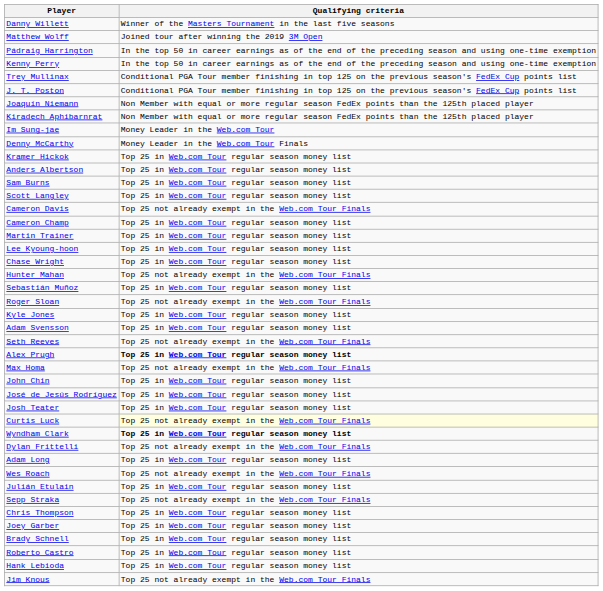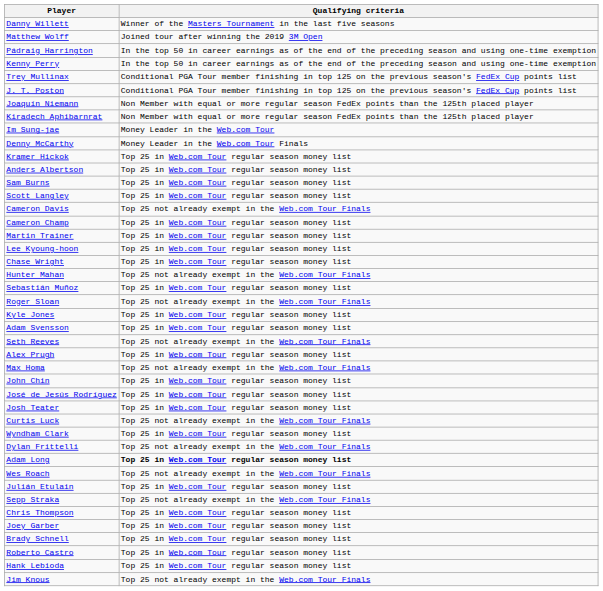 <table class="wikitable sortable" style="font-size: 80%">
 <tr>
 <th>Player</th>
 <th>Qualifying criteria</th>
 </tr>
 <tr>
 <td> <a href='#'>Danny Willett</a></td>
 <td>Winner of the <a href='#'>Masters Tournament</a> in the last five seasons</td>
 </tr>
 <tr>
 <td> <a href='#'>Matthew Wolff</a></td>
 <td>Joined tour after winning the 2019 <a href='#'>3M Open</a></td>
 </tr>
 <tr>
 <td> <a href='#'>Pádraig Harrington</a></td>
 <td>In the top 50 in career earnings as of the end of the preceding season and using one-time exemption</td>
 </tr>
 <tr>
 <td> <a href='#'>Kenny Perry</a></td>
 <td>In the top 50 in career earnings as of the end of the preceding season and using one-time exemption</td>
 </tr>
 <tr>
 <td> <a href='#'>Trey Mullinax</a></td>
 <td>Conditional PGA Tour member finishing in top 125 on the previous season's <a href='#'>FedEx Cup</a> points list</td>
 </tr>
 <tr>
 <td> <a href='#'>J. T. Poston</a></td>
 <td>Conditional PGA Tour member finishing in top 125 on the previous season's <a href='#'>FedEx Cup</a> points list</td>
 </tr>
 <tr>
 <td> <a href='#'>Joaquín Niemann</a></td>
 <td>Non Member with equal or more  regular season FedEx points than the 125th placed player</td>
 </tr>
 <tr>
 <td> <a href='#'>Kiradech Aphibarnrat</a></td>
 <td>Non Member with equal or more  regular season FedEx points than the 125th placed player</td>
 </tr>
 <tr>
 <td> <a href='#'>Im Sung-jae</a></td>
 <td>Money Leader in the <a href='#'>Web.com Tour</a></td>
 </tr>
 <tr>
 <td> <a href='#'>Denny McCarthy</a></td>
 <td>Money Leader in the <a href='#'>Web.com Tour</a> Finals</td>
 </tr>
 <tr>
 <td> <a href='#'>Kramer Hickok</a></td>
 <td>Top 25 in <a href='#'>Web.com Tour</a> regular season money list</td>
 </tr>
 <tr>
 <td> <a href='#'>Anders Albertson</a></td>
 <td>Top 25 in <a href='#'>Web.com Tour</a> regular season money list</td>
 </tr>
 <tr>
 <td> <a href='#'>Sam Burns</a></td>
 <td>Top 25 in <a href='#'>Web.com Tour</a> regular season money list</td>
 </tr>
 <tr>
 <td> <a href='#'>Scott Langley</a></td>
 <td>Top 25 in <a href='#'>Web.com Tour</a> regular season money list</td>
 </tr>
 <tr>
 <td> <a href='#'>Cameron Davis</a></td>
 <td>Top 25 not already exempt in the <a href='#'>Web.com Tour Finals</a></td>
 </tr>
 <tr>
 <td> <a href='#'>Cameron Champ</a></td>
 <td>Top 25 in <a href='#'>Web.com Tour</a> regular season money list</td>
 </tr>
 <tr>
 <td> <a href='#'>Martin Trainer</a></td>
 <td>Top 25 in <a href='#'>Web.com Tour</a> regular season money list</td>
 </tr>
 <tr>
 <td> <a href='#'>Lee Kyoung-hoon</a></td>
 <td>Top 25 in <a href='#'>Web.com Tour</a> regular season money list</td>
 </tr>
 <tr>
 <td> <a href='#'>Chase Wright</a></td>
 <td>Top 25 in <a href='#'>Web.com Tour</a> regular season money list</td>
 </tr>
 <tr>
 <td> <a href='#'>Hunter Mahan</a></td>
 <td>Top 25 not already exempt in the <a href='#'>Web.com Tour Finals</a></td>
 </tr>
 <tr>
 <td> <a href='#'>Sebastián Muñoz</a></td>
 <td>Top 25 in <a href='#'>Web.com Tour</a> regular season money list</td>
 </tr>
 <tr>
 <td> <a href='#'>Roger Sloan</a></td>
 <td>Top 25 not already exempt in the <a href='#'>Web.com Tour Finals</a></td>
 </tr>
 <tr>
 <td> <a href='#'>Kyle Jones</a></td>
 <td>Top 25 in <a href='#'>Web.com Tour</a> regular season money list</td>
 </tr>
 <tr>
 <td> <a href='#'>Adam Svensson</a></td>
 <td>Top 25 in <a href='#'>Web.com Tour</a> regular season money list</td>
 </tr>
 <tr>
 <td> <a href='#'>Seth Reeves</a></td>
 <td>Top 25 not already exempt in the <a href='#'>Web.com Tour Finals</a></td>
 </tr>
 <tr>
 <td> <a href='#'>Alex Prugh</a></td>
-<td><strong>Top 25 in <a href='#'>Web.com Tour</a> regular season money list</strong></td>
+<td>Top 25 in <a href='#'>Web.com Tour</a> regular season money list</td>
 </tr>
 <tr>
 <td> <a href='#'>Max Homa</a></td>
 <td>Top 25 not already exempt in the <a href='#'>Web.com Tour Finals</a></td>
 </tr>
 <tr>
 <td> <a href='#'>John Chin</a></td>
 <td>Top 25 in <a href='#'>Web.com Tour</a> regular season money list</td>
 </tr>
 <tr>
 <td> <a href='#'>José de Jesús Rodríguez</a></td>
 <td>Top 25 in <a href='#'>Web.com Tour</a> regular season money list</td>
 </tr>
 <tr>
 <td> <a href='#'>Josh Teater</a></td>
 <td>Top 25 in <a href='#'>Web.com Tour</a> regular season money list</td>
 </tr>
 <tr>
 <td> <a href='#'>Curtis Luck</a></td>
-<td style="background: lightyellow;">Top 25 not already exempt in the <a href='#'>Web.com Tour Finals</a></td>
+<td>Top 25 not already exempt in the <a href='#'>Web.com Tour Finals</a></td>
 </tr>
 <tr>
 <td> <a href='#'>Wyndham Clark</a></td>
-<td><strong>Top 25 in <a href='#'>Web.com Tour</a> regular season money list</strong></td>
+<td>Top 25 in <a href='#'>Web.com Tour</a> regular season money list</td>
 </tr>
 <tr>
 <td> <a href='#'>Dylan Frittelli</a></td>
 <td>Top 25 not already exempt in the <a href='#'>Web.com Tour Finals</a></td>
 </tr>
 <tr>
 <td> <a href='#'>Adam Long</a></td>
-<td>Top 25 in <a href='#'>Web.com Tour</a> regular season money list</td>
+<td><strong>Top 25 in <a href='#'>Web.com Tour</a> regular season money list</strong></td>
 </tr>
 <tr>
 <td> <a href='#'>Wes Roach</a></td>
 <td>Top 25 not already exempt in the <a href='#'>Web.com Tour Finals</a></td>
 </tr>
 <tr>
 <td> <a href='#'>Julián Etulain</a></td>
 <td>Top 25 in <a href='#'>Web.com Tour</a> regular season money list</td>
 </tr>
 <tr>
 <td> <a href='#'>Sepp Straka</a></td>
 <td>Top 25 not already exempt in the <a href='#'>Web.com Tour Finals</a></td>
 </tr>
 <tr>
 <td> <a href='#'>Chris Thompson</a></td>
 <td>Top 25 in <a href='#'>Web.com Tour</a> regular season money list</td>
 </tr>
 <tr>
 <td> <a href='#'>Joey Garber</a></td>
 <td>Top 25 in <a href='#'>Web.com Tour</a> regular season money list</td>
 </tr>
 <tr>
 <td> <a href='#'>Brady Schnell</a></td>
 <td>Top 25 in <a href='#'>Web.com Tour</a> regular season money list</td>
 </tr>
 <tr>
 <td> <a href='#'>Roberto Castro</a></td>
 <td>Top 25 in <a href='#'>Web.com Tour</a> regular season money list</td>
 </tr>
 <tr>
 <td> <a href='#'>Hank Lebioda</a></td>
 <td>Top 25 in <a href='#'>Web.com Tour</a> regular season money list</td>
 </tr>
 <tr>
 <td> <a href='#'>Jim Knous</a></td>
 <td>Top 25 not already exempt in the <a href='#'>Web.com Tour Finals</a></td>
 </tr>
 </table>
